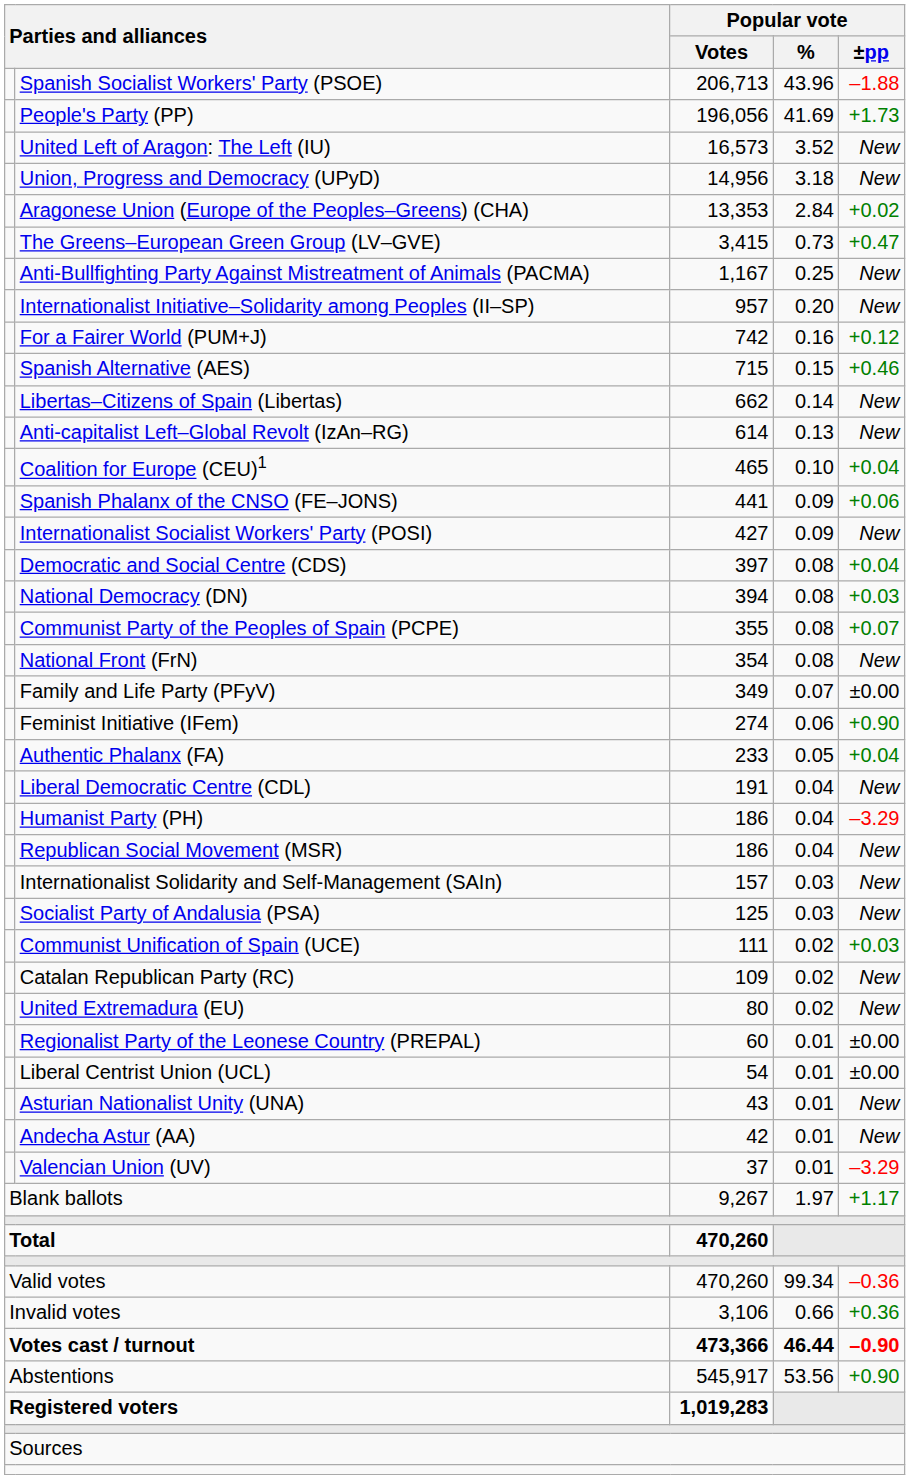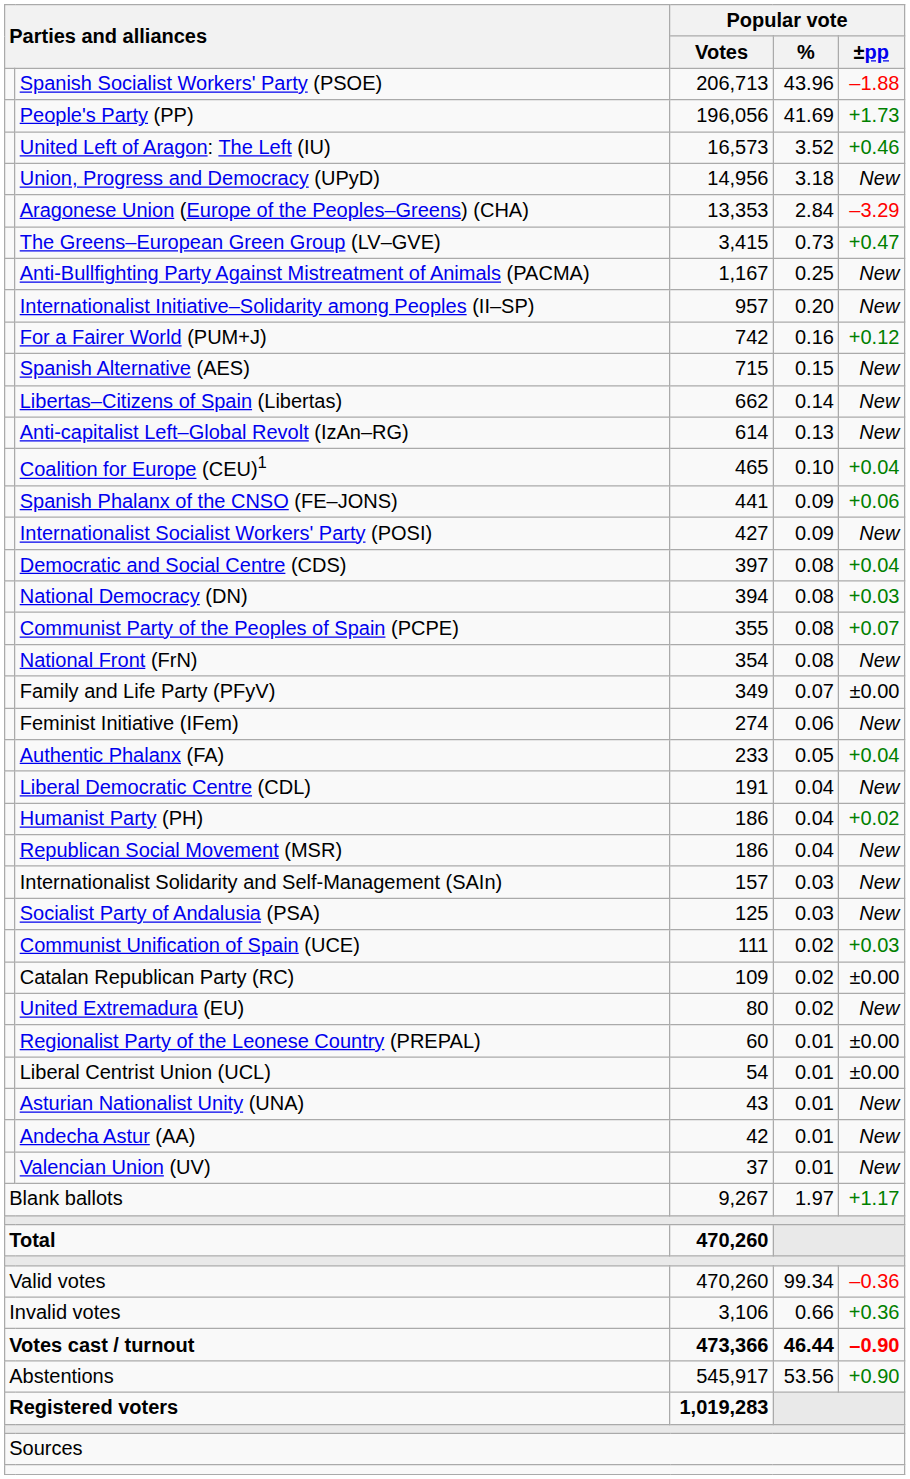 <table class="wikitable" style="text-align:right">
 <tr>
 <th style="text-align:left;" rowspan="2" colspan="2" width="525">Parties and alliances</th>
 <th colspan="3">Popular vote</th>
 </tr>
 <tr>
 <th width="75">Votes</th>
 <th width="45">%</th>
 <th width="45">±<a href='#'>pp</a></th>
 </tr>
 <tr>
 <td width="1" style="color:inherit;background:"></td>
 <td align="left"><a href='#'>Spanish Socialist Workers' Party</a> (PSOE)</td>
 <td>206,713</td>
 <td>43.96</td>
 <td style="color:red;">–1.88</td>
 </tr>
 <tr>
 <td style="color:inherit;background:"></td>
 <td align="left"><a href='#'>People's Party</a> (PP)</td>
 <td>196,056</td>
 <td>41.69</td>
 <td style="color:green;">+1.73</td>
 </tr>
 <tr>
 <td style="color:inherit;background:"></td>
 <td align="left"><a href='#'>United Left of Aragon</a>: <a href='#'>The Left</a> (IU)</td>
 <td>16,573</td>
 <td>3.52</td>
-<td><em>New</em></td>
+<td style="color:green;">+0.46</td>
 </tr>
 <tr>
 <td style="color:inherit;background:"></td>
 <td align="left"><a href='#'>Union, Progress and Democracy</a> (UPyD)</td>
 <td>14,956</td>
 <td>3.18</td>
 <td><em>New</em></td>
 </tr>
 <tr>
 <td style="color:inherit;background:"></td>
 <td align="left"><a href='#'>Aragonese Union</a> (<a href='#'>Europe of the Peoples–Greens</a>) (CHA)</td>
 <td>13,353</td>
 <td>2.84</td>
-<td style="color:green;">+0.02</td>
+<td style="color:red;">–3.29</td>
 </tr>
 <tr>
 <td style="color:inherit;background:"></td>
 <td align="left"><a href='#'>The Greens–European Green Group</a> (LV–GVE)</td>
 <td>3,415</td>
 <td>0.73</td>
 <td style="color:green;">+0.47</td>
 </tr>
 <tr>
 <td style="color:inherit;background:"></td>
 <td align="left"><a href='#'>Anti-Bullfighting Party Against Mistreatment of Animals</a> (PACMA)</td>
 <td>1,167</td>
 <td>0.25</td>
 <td><em>New</em></td>
 </tr>
 <tr>
 <td style="color:inherit;background:"></td>
 <td align="left"><a href='#'>Internationalist Initiative–Solidarity among Peoples</a> (II–SP)</td>
 <td>957</td>
 <td>0.20</td>
 <td><em>New</em></td>
 </tr>
 <tr>
 <td style="color:inherit;background:"></td>
 <td align="left"><a href='#'>For a Fairer World</a> (PUM+J)</td>
 <td>742</td>
 <td>0.16</td>
 <td style="color:green;">+0.12</td>
 </tr>
 <tr>
 <td style="color:inherit;background:"></td>
 <td align="left"><a href='#'>Spanish Alternative</a> (AES)</td>
 <td>715</td>
 <td>0.15</td>
-<td style="color:green;">+0.46</td>
+<td><em>New</em></td>
 </tr>
 <tr>
 <td style="color:inherit;background:"></td>
 <td align="left"><a href='#'>Libertas–Citizens of Spain</a> (Libertas)</td>
 <td>662</td>
 <td>0.14</td>
 <td><em>New</em></td>
 </tr>
 <tr>
 <td style="color:inherit;background:"></td>
 <td align="left"><a href='#'>Anti-capitalist Left–Global Revolt</a> (IzAn–RG)</td>
 <td>614</td>
 <td>0.13</td>
 <td><em>New</em></td>
 </tr>
 <tr>
 <td style="color:inherit;background:"></td>
 <td align="left"><a href='#'>Coalition for Europe</a> (CEU)<sup>1</sup></td>
 <td>465</td>
 <td>0.10</td>
 <td style="color:green;">+0.04</td>
 </tr>
 <tr>
 <td style="color:inherit;background:"></td>
 <td align="left"><a href='#'>Spanish Phalanx of the CNSO</a> (FE–JONS)</td>
 <td>441</td>
 <td>0.09</td>
 <td style="color:green;">+0.06</td>
 </tr>
 <tr>
 <td style="color:inherit;background:"></td>
 <td align="left"><a href='#'>Internationalist Socialist Workers' Party</a> (POSI)</td>
 <td>427</td>
 <td>0.09</td>
 <td><em>New</em></td>
 </tr>
 <tr>
 <td style="color:inherit;background:"></td>
 <td align="left"><a href='#'>Democratic and Social Centre</a> (CDS)</td>
 <td>397</td>
 <td>0.08</td>
 <td style="color:green;">+0.04</td>
 </tr>
 <tr>
 <td style="color:inherit;background:"></td>
 <td align="left"><a href='#'>National Democracy</a> (DN)</td>
 <td>394</td>
 <td>0.08</td>
 <td style="color:green;">+0.03</td>
 </tr>
 <tr>
 <td style="color:inherit;background:"></td>
 <td align="left"><a href='#'>Communist Party of the Peoples of Spain</a> (PCPE)</td>
 <td>355</td>
 <td>0.08</td>
 <td style="color:green;">+0.07</td>
 </tr>
 <tr>
 <td style="color:inherit;background:"></td>
 <td align="left"><a href='#'>National Front</a> (FrN)</td>
 <td>354</td>
 <td>0.08</td>
 <td><em>New</em></td>
 </tr>
 <tr>
 <td style="color:inherit;background:"></td>
 <td align="left">Family and Life Party (PFyV)</td>
 <td>349</td>
 <td>0.07</td>
 <td>±0.00</td>
 </tr>
 <tr>
 <td style="color:inherit;background:"></td>
 <td align="left">Feminist Initiative (IFem)</td>
 <td>274</td>
 <td>0.06</td>
-<td style="color:green;">+0.90</td>
+<td><em>New</em></td>
 </tr>
 <tr>
 <td style="color:inherit;background:"></td>
 <td align="left"><a href='#'>Authentic Phalanx</a> (FA)</td>
 <td>233</td>
 <td>0.05</td>
 <td style="color:green;">+0.04</td>
 </tr>
 <tr>
 <td style="color:inherit;background:"></td>
 <td align="left"><a href='#'>Liberal Democratic Centre</a> (CDL)</td>
 <td>191</td>
 <td>0.04</td>
 <td><em>New</em></td>
 </tr>
 <tr>
 <td style="color:inherit;background:"></td>
 <td align="left"><a href='#'>Humanist Party</a> (PH)</td>
 <td>186</td>
 <td>0.04</td>
-<td style="color:red;">–3.29</td>
+<td style="color:green;">+0.02</td>
 </tr>
 <tr>
 <td style="color:inherit;background:"></td>
 <td align="left"><a href='#'>Republican Social Movement</a> (MSR)</td>
 <td>186</td>
 <td>0.04</td>
 <td><em>New</em></td>
 </tr>
 <tr>
 <td style="color:inherit;background:"></td>
 <td align="left">Internationalist Solidarity and Self-Management (SAIn)</td>
 <td>157</td>
 <td>0.03</td>
 <td><em>New</em></td>
 </tr>
 <tr>
 <td style="color:inherit;background:"></td>
 <td align="left"><a href='#'>Socialist Party of Andalusia</a> (PSA)</td>
 <td>125</td>
 <td>0.03</td>
 <td><em>New</em></td>
 </tr>
 <tr>
 <td style="color:inherit;background:"></td>
 <td align="left"><a href='#'>Communist Unification of Spain</a> (UCE)</td>
 <td>111</td>
 <td>0.02</td>
 <td style="color:green;">+0.03</td>
 </tr>
 <tr>
 <td style="color:inherit;background:"></td>
 <td align="left">Catalan Republican Party (RC)</td>
 <td>109</td>
 <td>0.02</td>
-<td><em>New</em></td>
+<td>±0.00</td>
 </tr>
 <tr>
 <td style="color:inherit;background:"></td>
 <td align="left"><a href='#'>United Extremadura</a> (EU)</td>
 <td>80</td>
 <td>0.02</td>
 <td><em>New</em></td>
 </tr>
 <tr>
 <td style="color:inherit;background:"></td>
 <td align="left"><a href='#'>Regionalist Party of the Leonese Country</a> (PREPAL)</td>
 <td>60</td>
 <td>0.01</td>
 <td>±0.00</td>
 </tr>
 <tr>
 <td style="color:inherit;background:"></td>
 <td align="left">Liberal Centrist Union (UCL)</td>
 <td>54</td>
 <td>0.01</td>
 <td>±0.00</td>
 </tr>
 <tr>
 <td style="color:inherit;background:"></td>
 <td align="left"><a href='#'>Asturian Nationalist Unity</a> (UNA)</td>
 <td>43</td>
 <td>0.01</td>
 <td><em>New</em></td>
 </tr>
 <tr>
 <td style="color:inherit;background:"></td>
 <td align="left"><a href='#'>Andecha Astur</a> (AA)</td>
 <td>42</td>
 <td>0.01</td>
 <td><em>New</em></td>
 </tr>
 <tr>
 <td style="color:inherit;background:"></td>
 <td align="left"><a href='#'>Valencian Union</a> (UV)</td>
 <td>37</td>
 <td>0.01</td>
-<td style="color:red;">–3.29</td>
+<td><em>New</em></td>
 </tr>
 <tr>
 <td align="left" colspan="2">Blank ballots</td>
 <td>9,267</td>
 <td>1.97</td>
 <td style="color:green;">+1.17</td>
 </tr>
 <tr>
 <td colspan="5" bgcolor="#E9E9E9"></td>
 </tr>
 <tr style="font-weight:bold;">
 <td align="left" colspan="2">Total</td>
 <td>470,260</td>
 <td bgcolor="#E9E9E9" colspan="2"></td>
 </tr>
 <tr>
 <td colspan="5" bgcolor="#E9E9E9"></td>
 </tr>
 <tr>
 <td align="left" colspan="2">Valid votes</td>
 <td>470,260</td>
 <td>99.34</td>
 <td style="color:red;">–0.36</td>
 </tr>
 <tr>
 <td align="left" colspan="2">Invalid votes</td>
 <td>3,106</td>
 <td>0.66</td>
 <td style="color:green;">+0.36</td>
 </tr>
 <tr style="font-weight:bold;">
 <td align="left" colspan="2">Votes cast / turnout</td>
 <td>473,366</td>
 <td>46.44</td>
 <td style="color:red;">–0.90</td>
 </tr>
 <tr>
 <td align="left" colspan="2">Abstentions</td>
 <td>545,917</td>
 <td>53.56</td>
 <td style="color:green;">+0.90</td>
 </tr>
 <tr style="font-weight:bold;">
 <td align="left" colspan="2">Registered voters</td>
 <td>1,019,283</td>
 <td bgcolor="#E9E9E9" colspan="2"></td>
 </tr>
 <tr>
 <td colspan="5" bgcolor="#E9E9E9"></td>
 </tr>
 <tr>
 <td align="left" colspan="5">Sources</td>
 </tr>
 <tr>
 <td colspan="5" style="text-align:left; max-width:680px;"></td>
 </tr>
 </table>
